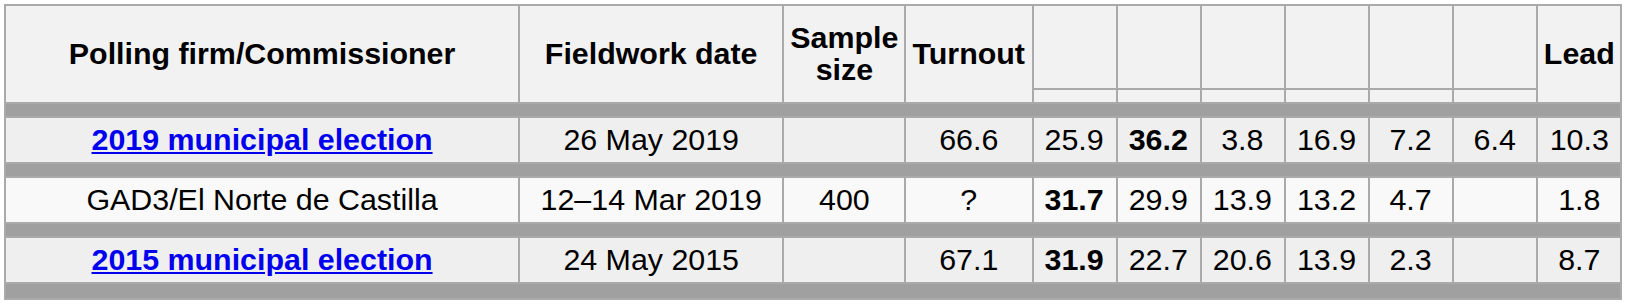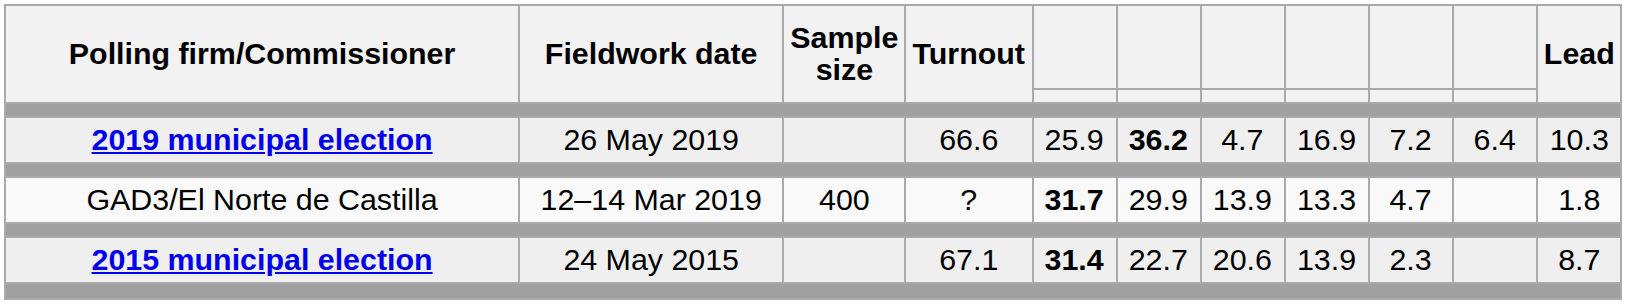 <table class="wikitable collapsible collapsed" style="text-align:center; font-size:95%; line-height:16px;">
 <tr style="height:42px;">
 <th style="width:250px;" rowspan="2">Polling firm/Commissioner</th>
 <th style="width:125px;" rowspan="2">Fieldwork date</th>
 <th style="width:50px;" rowspan="2">Sample size</th>
 <th style="width:45px;" rowspan="2">Turnout</th>
 <th style="width:35px;"></th>
 <th style="width:35px;"></th>
 <th style="width:35px;"></th>
 <th style="width:35px;"></th>
 <th style="width:35px;"></th>
 <th style="width:35px;"></th>
 <th style="width:30px;" rowspan="2">Lead</th>
 </tr>
 <tr>
 <th style="color:inherit;background:"></th>
 <th style="color:inherit;background:"></th>
 <th style="color:inherit;background:"></th>
 <th style="color:inherit;background:"></th>
 <th style="color:inherit;background:"></th>
 <th style="color:inherit;background:"></th>
 </tr>
 <tr>
 <td colspan="11" style="background:#A0A0A0"></td>
 </tr>
 <tr style="background:#EFEFEF;">
 <td><strong><a href='#'>2019 municipal election</a></strong></td>
 <td>26 May 2019</td>
 <td></td>
 <td>66.6</td>
 <td>25.9<br></td>
 <td><strong>36.2</strong><br></td>
-<td>3.8<br></td>
+<td>4.7<br></td>
 <td>16.9<br></td>
 <td>7.2<br></td>
 <td>6.4<br></td>
 <td style="background:">10.3</td>
 </tr>
 <tr>
 <td colspan="11" style="background:#A0A0A0"></td>
 </tr>
 <tr>
 <td>GAD3/El Norte de Castilla</td>
 <td>12–14 Mar 2019</td>
 <td>400</td>
 <td>?</td>
 <td><strong>31.7</strong><br></td>
 <td>29.9<br></td>
 <td>13.9<br></td>
-<td>13.2<br></td>
+<td>13.3<br></td>
 <td>4.7<br></td>
 <td></td>
 <td style="background:">1.8</td>
 </tr>
 <tr>
 <td colspan="11" style="background:#A0A0A0"></td>
 </tr>
 <tr style="background:#EFEFEF;">
 <td><strong><a href='#'>2015 municipal election</a></strong></td>
 <td>24 May 2015</td>
 <td></td>
 <td>67.1</td>
-<td><strong>31.9</strong><br></td>
+<td><strong>31.4</strong><br></td>
 <td>22.7<br></td>
 <td>20.6<br></td>
 <td>13.9<br></td>
 <td>2.3<br></td>
 <td></td>
 <td style="background:">8.7</td>
 </tr>
 <tr>
 <td colspan="11" style="background:#A0A0A0"></td>
 </tr>
 </table>
